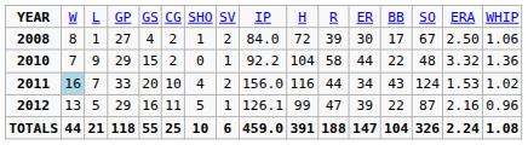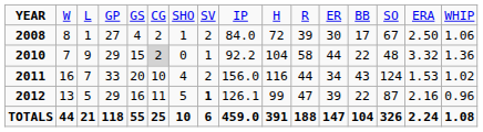 <table class="wikitable">
 <tr align=center>
 <td><strong>YEAR</strong></td>
 <td><a href='#'>W</a></td>
 <td><a href='#'>L</a></td>
 <td><a href='#'>GP</a></td>
 <td><a href='#'>GS</a></td>
 <td><a href='#'>CG</a></td>
 <td><a href='#'>SHO</a></td>
 <td><a href='#'>SV</a></td>
 <td><a href='#'>IP</a></td>
 <td><a href='#'>H</a></td>
 <td><a href='#'>R</a></td>
 <td><a href='#'>ER</a></td>
 <td><a href='#'>BB</a></td>
 <td><a href='#'>SO</a></td>
 <td><a href='#'>ERA</a></td>
 <td><a href='#'>WHIP</a></td>
 </tr>
 <tr align=center>
 <td><strong>2008</strong></td>
 <td>8</td>
 <td>1</td>
 <td>27</td>
 <td>4</td>
 <td>2</td>
 <td>1</td>
 <td>2</td>
 <td>84.0</td>
 <td>72</td>
 <td>39</td>
 <td>30</td>
 <td>17</td>
 <td>67</td>
 <td>2.50</td>
 <td>1.06</td>
 </tr>
 <tr align=center>
 <td><strong>2010</strong></td>
 <td>7</td>
 <td>9</td>
 <td>29</td>
 <td>15</td>
-<td>2</td>
+<td style="background: lightgrey;">2</td>
 <td>0</td>
 <td>1</td>
 <td>92.2</td>
 <td>104</td>
 <td>58</td>
 <td>44</td>
 <td>22</td>
 <td>48</td>
 <td>3.32</td>
 <td>1.36</td>
 </tr>
 <tr align=center>
 <td><strong>2011</strong></td>
-<td style="background: lightblue;">16</td>
+<td>16</td>
 <td>7</td>
 <td>33</td>
 <td>20</td>
 <td>10</td>
 <td>4</td>
 <td>2</td>
 <td>156.0</td>
 <td>116</td>
 <td>44</td>
 <td>34</td>
 <td>43</td>
 <td>124</td>
 <td>1.53</td>
 <td>1.02</td>
 </tr>
 <tr align=center>
 <td><strong>2012</strong></td>
 <td>13</td>
 <td>5</td>
 <td>29</td>
 <td>16</td>
 <td>11</td>
 <td>5</td>
-<td>1</td>
+<td><strong>1</strong></td>
 <td>126.1</td>
 <td>99</td>
 <td>47</td>
 <td>39</td>
 <td>22</td>
 <td>87</td>
 <td>2.16</td>
 <td>0.96</td>
 </tr>
 <tr align=center>
 <td><strong>TOTALS</strong></td>
 <td><strong>44</strong></td>
 <td><strong>21</strong></td>
 <td><strong>118</strong></td>
 <td><strong>55</strong></td>
 <td><strong>25</strong></td>
 <td><strong>10</strong></td>
 <td><strong>6</strong></td>
 <td><strong>459.0</strong></td>
 <td><strong>391</strong></td>
 <td><strong>188</strong></td>
 <td><strong>147</strong></td>
 <td><strong>104</strong></td>
 <td><strong>326</strong></td>
 <td><strong>2.24</strong></td>
 <td><strong>1.08</strong></td>
 </tr>
 </table>
